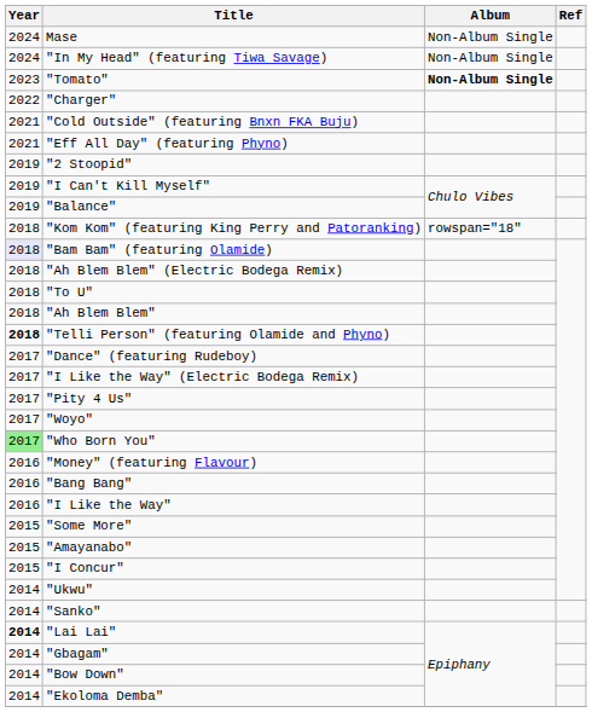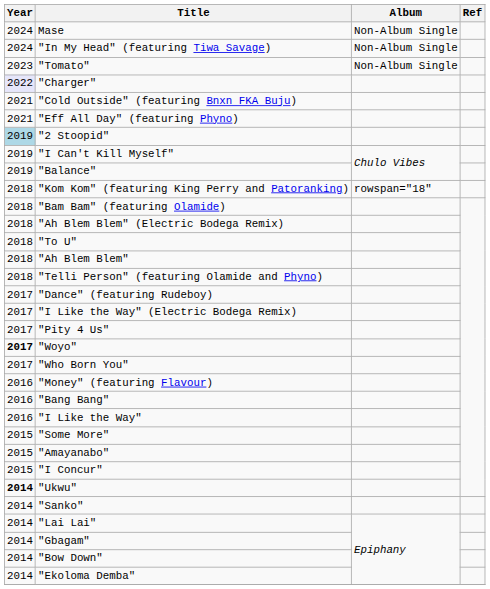 <table class="wikitable">
 <tr>
 <th>Year</th>
 <th>Title</th>
 <th>Album</th>
 <th>Ref</th>
 </tr>
 <tr>
 <td>2024</td>
 <td>Mase</td>
 <td>Non-Album Single</td>
 <td></td>
 </tr>
 <tr>
 <td>2024</td>
 <td>"In My Head" (featuring <a href='#'>Tiwa Savage</a>)</td>
 <td>Non-Album Single</td>
 <td></td>
 </tr>
 <tr>
 <td>2023</td>
 <td>"Tomato"</td>
-<td><strong>Non-Album Single</strong></td>
+<td>Non-Album Single</td>
 <td></td>
 </tr>
 <tr>
-<td>2022</td>
+<td style="background: lavender;">2022</td>
 <td>"Charger"</td>
 <td></td>
 <td></td>
 </tr>
 <tr>
 <td>2021</td>
 <td>"Cold Outside" (featuring <a href='#'>Bnxn FKA Buju</a>)</td>
 <td></td>
 <td></td>
 </tr>
 <tr>
 <td>2021</td>
 <td>"Eff All Day" (featuring <a href='#'>Phyno</a>)</td>
 <td></td>
 <td></td>
 </tr>
 <tr>
-<td>2019</td>
+<td style="background: lightblue;">2019</td>
 <td>"2 Stoopid"</td>
 <td></td>
 <td></td>
 </tr>
 <tr>
 <td>2019</td>
 <td>"I Can't Kill Myself"</td>
 <td rowspan="2"><em>Chulo Vibes</em></td>
 <td></td>
 </tr>
 <tr>
 <td>2019</td>
 <td>"Balance"</td>
 <td></td>
 </tr>
 <tr>
 <td>2018</td>
 <td>"Kom Kom" (featuring King Perry and <a href='#'>Patoranking</a>)</td>
 <td>rowspan="18" </td>
 <td></td>
 </tr>
 <tr>
-<td style="background: lavender;">2018</td>
+<td>2018</td>
 <td>"Bam Bam" (featuring <a href='#'>Olamide</a>)</td>
 <td></td>
 </tr>
 <tr>
 <td>2018</td>
 <td>"Ah Blem Blem" (Electric Bodega Remix)</td>
 <td></td>
 </tr>
 <tr>
 <td>2018</td>
 <td>"To U"</td>
 <td></td>
 </tr>
 <tr>
 <td>2018</td>
 <td>"Ah Blem Blem"</td>
 <td></td>
 </tr>
 <tr>
-<td><strong>2018</strong></td>
+<td>2018</td>
 <td>"Telli Person" (featuring Olamide and <a href='#'>Phyno</a>)</td>
 <td></td>
 </tr>
 <tr>
 <td>2017</td>
 <td>"Dance" (featuring Rudeboy)</td>
 <td></td>
 </tr>
 <tr>
 <td>2017</td>
 <td>"I Like the Way" (Electric Bodega Remix)</td>
 <td></td>
 </tr>
 <tr>
 <td>2017</td>
 <td>"Pity 4 Us"</td>
 <td></td>
 </tr>
 <tr>
-<td>2017</td>
+<td><strong>2017</strong></td>
 <td>"Woyo"</td>
 <td></td>
 </tr>
 <tr>
-<td style="background: lightgreen;">2017</td>
+<td>2017</td>
 <td>"Who Born You"</td>
 <td></td>
 </tr>
 <tr>
 <td>2016</td>
 <td>"Money" (featuring <a href='#'>Flavour</a>)</td>
 <td></td>
 </tr>
 <tr>
 <td>2016</td>
 <td>"Bang Bang"</td>
 <td></td>
 </tr>
 <tr>
 <td>2016</td>
 <td>"I Like the Way"</td>
 <td></td>
 </tr>
 <tr>
 <td>2015</td>
 <td>"Some More"</td>
 <td></td>
 </tr>
 <tr>
 <td>2015</td>
 <td>"Amayanabo"</td>
 <td></td>
 </tr>
 <tr>
 <td>2015</td>
 <td>"I Concur"</td>
 <td></td>
 </tr>
 <tr>
-<td>2014</td>
+<td><strong>2014</strong></td>
 <td>"Ukwu"</td>
 <td></td>
 </tr>
 <tr>
 <td>2014</td>
 <td>"Sanko"</td>
 <td></td>
 <td></td>
 </tr>
 <tr>
-<td><strong>2014</strong></td>
+<td>2014</td>
 <td>"Lai Lai"</td>
 <td rowspan="4"><em>Epiphany</em></td>
 <td></td>
 </tr>
 <tr>
 <td>2014</td>
 <td>"Gbagam"</td>
 <td></td>
 </tr>
 <tr>
 <td>2014</td>
 <td>"Bow Down"</td>
 <td></td>
 </tr>
 <tr>
 <td>2014</td>
 <td>"Ekoloma Demba"</td>
 <td></td>
 </tr>
 <tr>
 </tr>
 </table>
